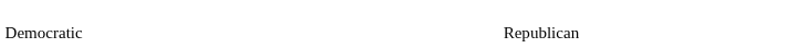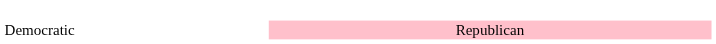 <table style="width:60em; text-align:center">
 <tr style="color:white">
 <td style="background:"><strong>48</strong></td>
 <td style="background:"><strong>52</strong></td>
 </tr>
 <tr>
 <td>Democratic</td>
-<td>Republican</td>
+<td style="background: pink;">Republican</td>
 </tr>
 </table>
